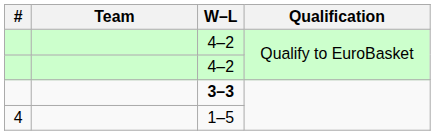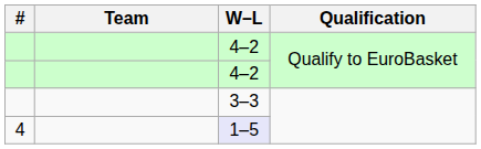 <table class=wikitable style="text-align:center;">
 <tr>
 <th width=20px>#</th>
 <th width=160px>Team</th>
 <th width=40px>W–L</th>
 <th width=180px>Qualification</th>
 </tr>
 <tr bgcolor=#CCFFCC>
 <td></td>
 <td align=left></td>
 <td>4–2</td>
 <td rowspan=2>Qualify to EuroBasket</td>
 </tr>
 <tr bgcolor=#CCFFCC>
 <td></td>
 <td align=left></td>
 <td>4–2</td>
 </tr>
 <tr>
 <td></td>
 <td align=left></td>
-<td><strong>3–3</strong></td>
+<td>3–3</td>
 </tr>
 <tr>
 <td>4</td>
 <td align=left></td>
-<td>1–5</td>
+<td style="background: lavender;">1–5</td>
 </tr>
 </table>
